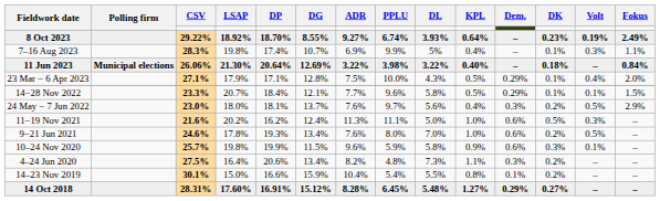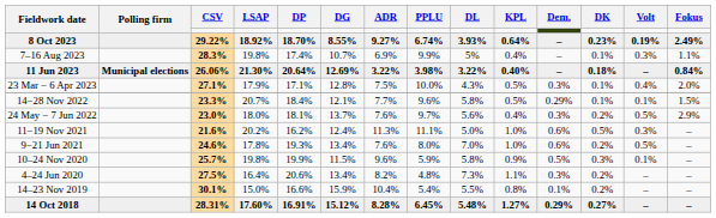 <table class="wikitable" style="text-align:center;font-size:85%;line-height:13px">
 <tr style="height:30px">
 <th rowspan=2>Fieldwork date</th>
 <th rowspan=2>Polling firm</th>
 <th width=50px><a href='#'>CSV</a></th>
 <th width="50px"><a href='#'>LSAP</a></th>
 <th width="50px"><a href='#'>DP</a></th>
 <th width=50px><a href='#'>DG</a></th>
 <th width=50px><a href='#'>ADR</a></th>
 <th width=50px><a href='#'>PPLU</a></th>
 <th width=50px><a href='#'>DL</a></th>
 <th width=50px><a href='#'>KPL</a></th>
 <th width=50px><a href='#'>Dem.</a></th>
 <th width=50px><a href='#'>DK</a></th>
 <th width=50px><a href='#'>Volt</a></th>
 <th width=50px><a href='#'>Fokus</a></th>
 </tr>
 <tr>
 <td bgcolor=></td>
 <td></td>
 <td></td>
 <td bgcolor=></td>
 <td bgcolor=></td>
 <td bgcolor=></td>
 <td bgcolor=></td>
 <td bgcolor=></td>
 <td bgcolor=#31410d></td>
 <td bgcolor=></td>
 <td bgcolor=></td>
 <td bgcolor=></td>
 </tr>
 <tr style="background:#EFEFEF; font-weight:bold;">
 <td>8 Oct 2023</td>
 <td></td>
 <td style="background:#ffdb9d">29.22%</td>
 <td>18.92%</td>
 <td>18.70%</td>
 <td>8.55%</td>
 <td>9.27%</td>
 <td>6.74%</td>
 <td>3.93%</td>
 <td>0.64%</td>
 <td>–</td>
 <td>0.23%</td>
 <td>0.19%</td>
 <td>2.49%</td>
 </tr>
 <tr>
 <td>7–16 Aug 2023</td>
 <td></td>
 <td style="background:#ffdb9d"><strong>28.3%</strong></td>
 <td>19.8%</td>
 <td>17.4%</td>
 <td>10.7%</td>
 <td>6.9%</td>
 <td>9.9%</td>
 <td>5%</td>
 <td>0.4%</td>
 <td>–</td>
 <td>0.1%</td>
 <td>0.3%</td>
 <td>1.1%</td>
 </tr>
 <tr style="background:#EFEFEF; font-weight:bold;">
 <td>11 Jun 2023</td>
 <td>Municipal elections </td>
 <td style="background:#ffdb9d"><strong>26.06%</strong></td>
 <td>21.30%</td>
 <td>20.64%</td>
 <td>12.69%</td>
 <td>3.22%</td>
 <td>3.98%</td>
 <td>3.22%</td>
 <td>0.40%</td>
 <td>–</td>
 <td>0.18%</td>
 <td>–</td>
 <td>0.84%</td>
 </tr>
 <tr>
 <td>23 Mar − 6 Apr 2023</td>
 <td></td>
 <td style="background:#ffdb9d"><strong>27.1%</strong></td>
 <td>17.9%</td>
 <td>17.1%</td>
 <td>12.8%</td>
 <td>7.5%</td>
 <td>10.0%</td>
 <td>4.3%</td>
 <td>0.5%</td>
-<td>0.29%</td>
+<td>0.3%</td>
 <td>0.1%</td>
 <td>0.4%</td>
 <td>2.0%</td>
 </tr>
 <tr>
 </tr>
 <tr>
 <td>14−28 Nov 2022</td>
 <td></td>
 <td style="background:#ffdb9d"><strong>23.3%</strong></td>
 <td>20.7%</td>
 <td>18.4%</td>
 <td>12.1%</td>
 <td>7.7%</td>
 <td>9.6%</td>
 <td>5.8%</td>
 <td>0.5%</td>
 <td>0.29%</td>
 <td>0.1%</td>
 <td>0.1%</td>
 <td>1.5%</td>
 </tr>
 <tr>
 <td>24 May − 7 Jun 2022</td>
 <td></td>
 <td style="background:#ffdb9d"><strong>23.0%</strong></td>
 <td>18.0%</td>
 <td>18.1%</td>
 <td>13.7%</td>
 <td>7.6%</td>
 <td>9.7%</td>
 <td>5.6%</td>
 <td>0.4%</td>
 <td>0.3%</td>
 <td>0.2%</td>
 <td>0.5%</td>
 <td>2.9%</td>
 </tr>
 <tr>
 <td>11−19 Nov 2021</td>
 <td></td>
 <td style="background:#ffdb9d"><strong>21.6%</strong></td>
 <td>20.2%</td>
 <td>16.2%</td>
 <td>12.4%</td>
 <td>11.3%</td>
 <td>11.1%</td>
 <td>5.0%</td>
 <td>1.0%</td>
 <td>0.6%</td>
 <td>0.5%</td>
 <td>0.3%</td>
 <td>–</td>
 </tr>
 <tr>
 <td>9−21 Jun 2021</td>
 <td></td>
 <td style="background:#ffdb9d"><strong>24.6%</strong></td>
 <td>17.8%</td>
 <td>19.3%</td>
 <td>13.4%</td>
 <td>7.6%</td>
 <td>8.0%</td>
 <td>7.0%</td>
 <td>1.0%</td>
 <td>0.6%</td>
 <td>0.2%</td>
 <td>0.5%</td>
 <td>–</td>
 </tr>
 <tr>
 <td>10–24 Nov 2020</td>
 <td></td>
 <td style="background:#ffdb9d"><strong>25.7%</strong></td>
 <td>19.8%</td>
 <td>19.9%</td>
 <td>11.5%</td>
 <td>9.6%</td>
 <td>5.9%</td>
 <td>5.8%</td>
 <td>0.9%</td>
-<td>0.6%</td>
+<td>0.5%</td>
 <td>0.3%</td>
 <td>0.1%</td>
 <td>–</td>
 </tr>
 <tr>
 <td>4–24 Jun 2020</td>
 <td></td>
 <td style="background:#ffdb9d"><strong>27.5%</strong></td>
 <td>16.4%</td>
 <td>20.6%</td>
 <td>13.4%</td>
 <td>8.2%</td>
 <td>4.8%</td>
 <td>7.3%</td>
 <td>1.1%</td>
 <td>0.3%</td>
 <td>0.2%</td>
 <td>–</td>
 <td>–</td>
 </tr>
 <tr>
 <td>14–23 Nov 2019</td>
 <td></td>
 <td style="background:#ffdb9d"><strong>30.1%</strong></td>
 <td>15.0%</td>
 <td>16.6%</td>
 <td>15.9%</td>
 <td>10.4%</td>
 <td>5.4%</td>
 <td>5.5%</td>
 <td>0.8%</td>
 <td>0.1%</td>
 <td>0.2%</td>
 <td>–</td>
 <td>–</td>
 </tr>
 <tr style="background:#EFEFEF; font-weight:bold;">
 <td>14 Oct 2018</td>
 <td> </td>
 <td style="background:#ffdb9d">28.31%</td>
 <td>17.60%</td>
 <td>16.91%</td>
 <td>15.12%</td>
 <td>8.28%</td>
 <td>6.45%</td>
 <td>5.48%</td>
 <td>1.27%</td>
 <td>0.29%</td>
 <td>0.27%</td>
 <td>–</td>
 <td>–</td>
 </tr>
 </table>
